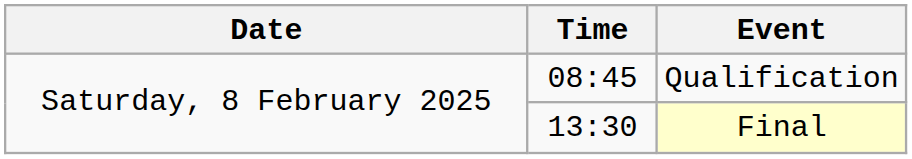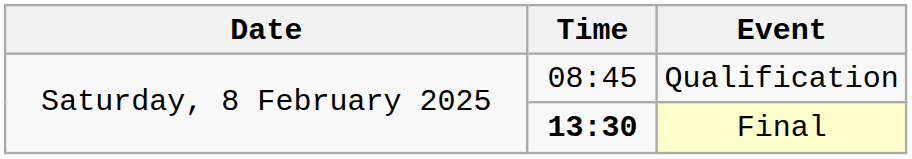 <table class = "wikitable" style="text-align:center;">
 <tr>
 <th width=220>Date</th>
 <th width=50>Time</th>
 <th width=100>Event</th>
 </tr>
 <tr>
 <td rowspan=2>Saturday, 8 February 2025</td>
 <td>08:45</td>
 <td>Qualification</td>
 </tr>
 <tr>
-<td>13:30</td>
+<td><strong>13:30</strong></td>
 <td bgcolor=ffffcc>Final</td>
 </tr>
 </table>
